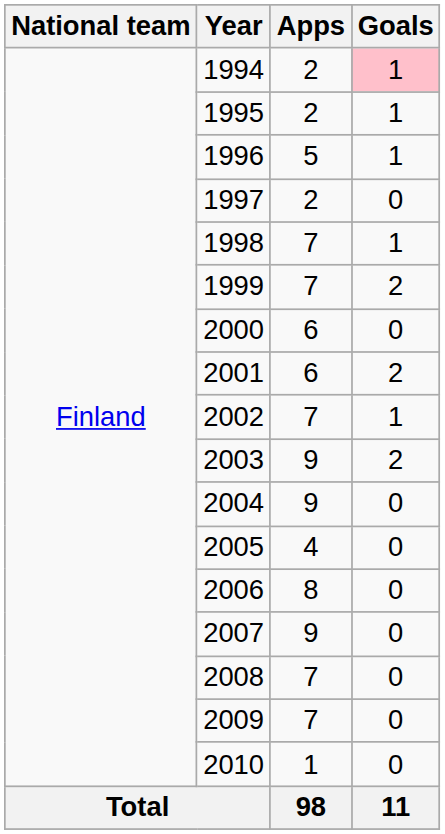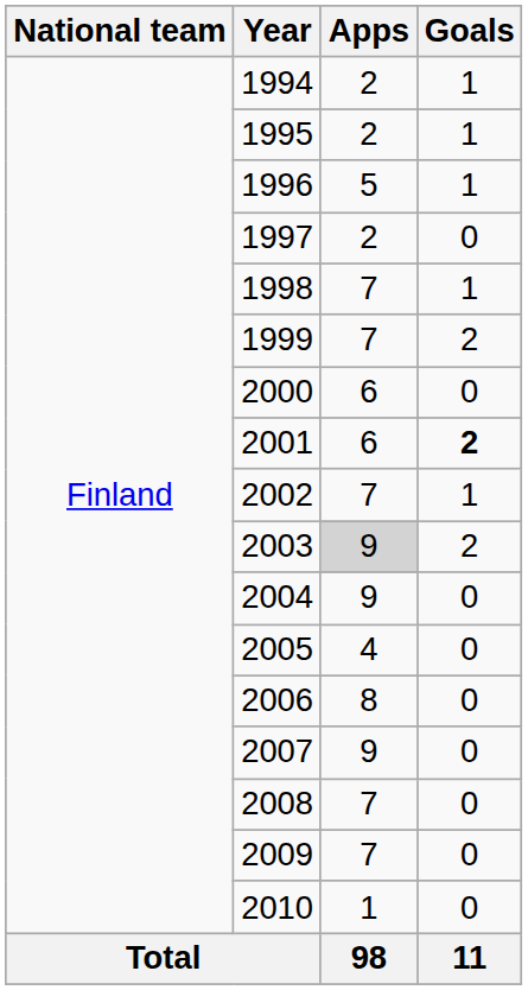 <table class="wikitable" style="text-align:center">
 <tr>
 <th>National team</th>
 <th>Year</th>
 <th>Apps</th>
 <th>Goals</th>
 </tr>
 <tr>
 <td rowspan="17"><a href='#'>Finland</a></td>
 <td>1994</td>
 <td>2</td>
-<td style="background: pink;">1</td>
+<td>1</td>
 </tr>
 <tr>
 <td>1995</td>
 <td>2</td>
 <td>1</td>
 </tr>
 <tr>
 <td>1996</td>
 <td>5</td>
 <td>1</td>
 </tr>
 <tr>
 <td>1997</td>
 <td>2</td>
 <td>0</td>
 </tr>
 <tr>
 <td>1998</td>
 <td>7</td>
 <td>1</td>
 </tr>
 <tr>
 <td>1999</td>
 <td>7</td>
 <td>2</td>
 </tr>
 <tr>
 <td>2000</td>
 <td>6</td>
 <td>0</td>
 </tr>
 <tr>
 <td>2001</td>
 <td>6</td>
-<td>2</td>
+<td><strong>2</strong></td>
 </tr>
 <tr>
 <td>2002</td>
 <td>7</td>
 <td>1</td>
 </tr>
 <tr>
 <td>2003</td>
-<td>9</td>
+<td style="background: lightgrey;">9</td>
 <td>2</td>
 </tr>
 <tr>
 <td>2004</td>
 <td>9</td>
 <td>0</td>
 </tr>
 <tr>
 <td>2005</td>
 <td>4</td>
 <td>0</td>
 </tr>
 <tr>
 <td>2006</td>
 <td>8</td>
 <td>0</td>
 </tr>
 <tr>
 <td>2007</td>
 <td>9</td>
 <td>0</td>
 </tr>
 <tr>
 <td>2008</td>
 <td>7</td>
 <td>0</td>
 </tr>
 <tr>
 <td>2009</td>
 <td>7</td>
 <td>0</td>
 </tr>
 <tr>
 <td>2010</td>
 <td>1</td>
 <td>0</td>
 </tr>
 <tr>
 <th colspan="2">Total</th>
 <th>98</th>
 <th>11</th>
 </tr>
 </table>
